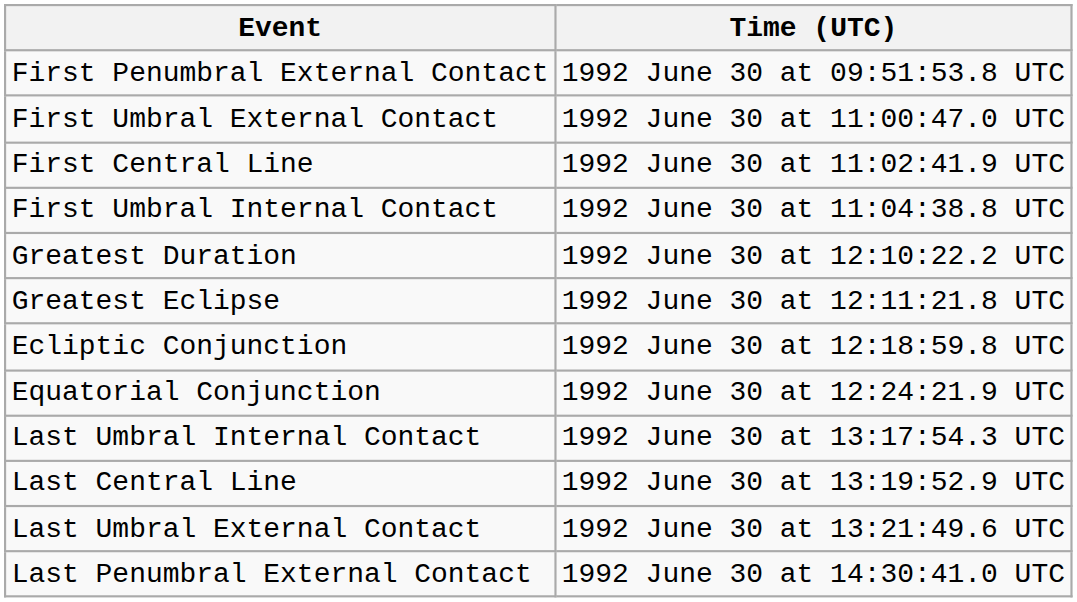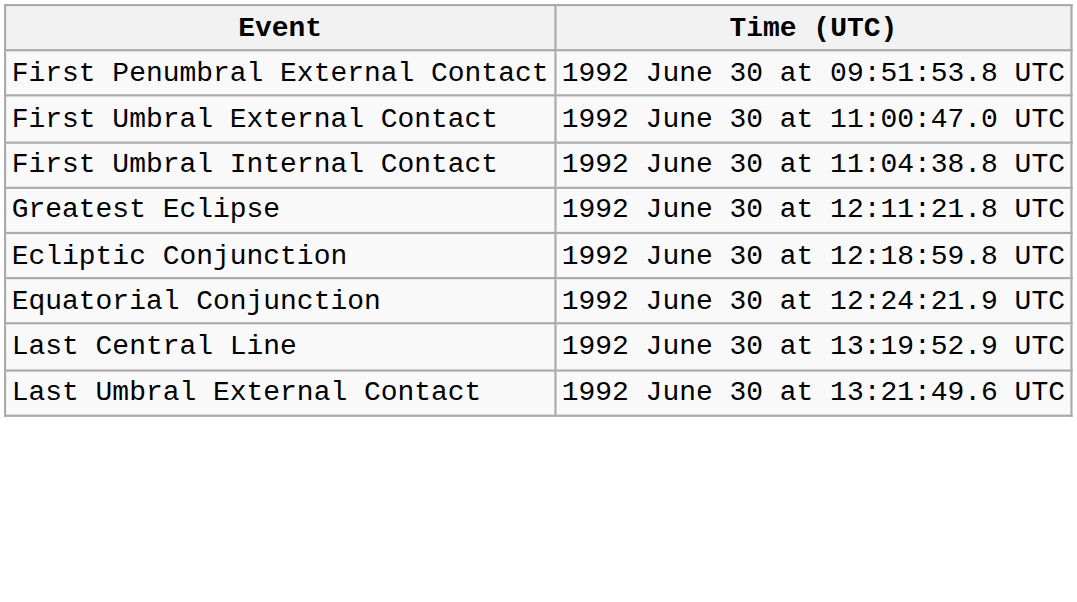 <table class="wikitable">
 <tr>
 <th>Event</th>
 <th>Time (UTC)</th>
 </tr>
 <tr>
 <td>First Penumbral External Contact</td>
 <td>1992 June 30 at 09:51:53.8 UTC</td>
 </tr>
 <tr>
 <td>First Umbral External Contact</td>
 <td>1992 June 30 at 11:00:47.0 UTC</td>
 </tr>
 <tr>
-<td>First Central Line</td>
-<td>1992 June 30 at 11:02:41.9 UTC</td>
-</tr>
-<tr>
 <td>First Umbral Internal Contact</td>
 <td>1992 June 30 at 11:04:38.8 UTC</td>
-</tr>
-<tr>
-<td>Greatest Duration</td>
-<td>1992 June 30 at 12:10:22.2 UTC</td>
 </tr>
 <tr>
 <td>Greatest Eclipse</td>
 <td>1992 June 30 at 12:11:21.8 UTC</td>
 </tr>
 <tr>
 <td>Ecliptic Conjunction</td>
 <td>1992 June 30 at 12:18:59.8 UTC</td>
 </tr>
 <tr>
 <td>Equatorial Conjunction</td>
 <td>1992 June 30 at 12:24:21.9 UTC</td>
 </tr>
 <tr>
-<td>Last Umbral Internal Contact</td>
-<td>1992 June 30 at 13:17:54.3 UTC</td>
-</tr>
-<tr>
 <td>Last Central Line</td>
 <td>1992 June 30 at 13:19:52.9 UTC</td>
 </tr>
 <tr>
 <td>Last Umbral External Contact</td>
 <td>1992 June 30 at 13:21:49.6 UTC</td>
 </tr>
-<tr>
-<td>Last Penumbral External Contact</td>
-<td>1992 June 30 at 14:30:41.0 UTC</td>
-</tr>
 </table>
